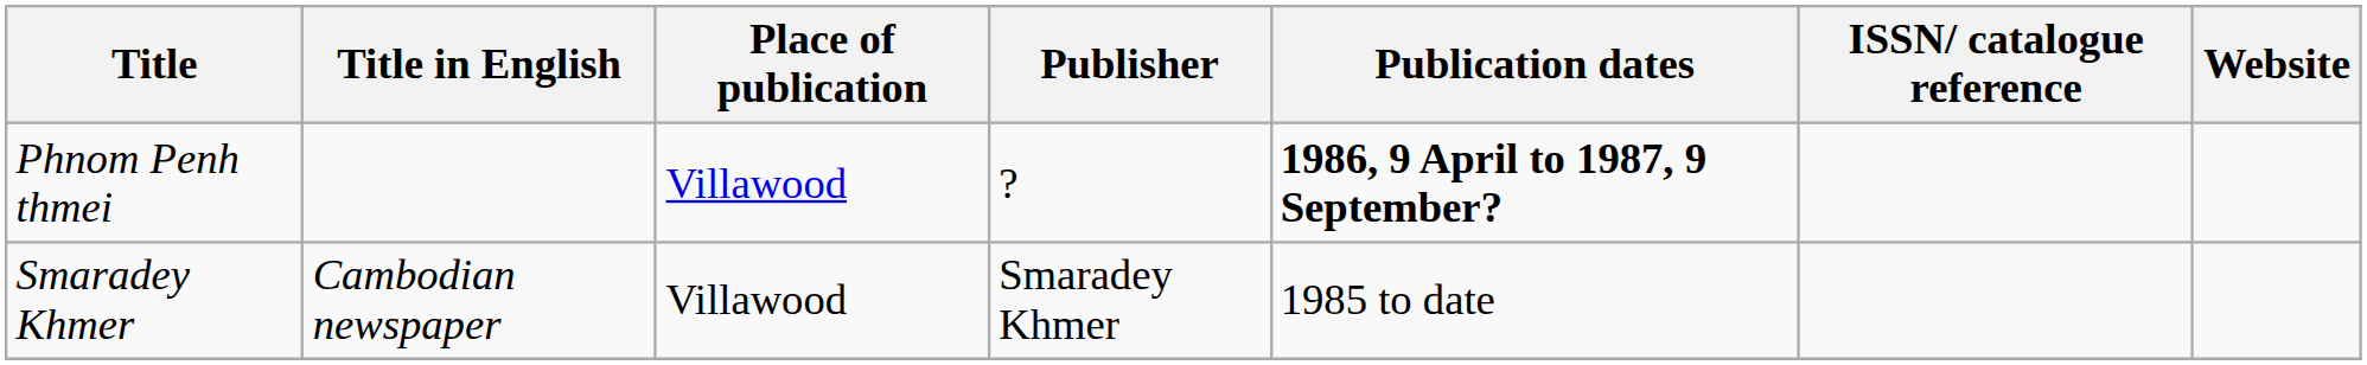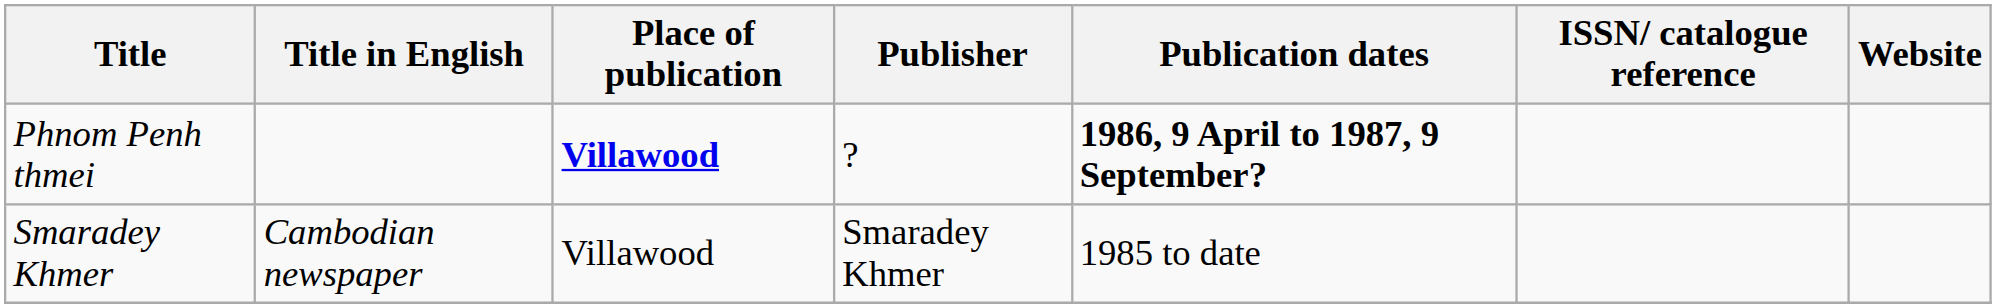 <table class="wikitable sortable">
 <tr>
 <th>Title</th>
 <th>Title in English</th>
 <th>Place of publication</th>
 <th>Publisher</th>
 <th>Publication dates</th>
 <th>ISSN/ catalogue reference</th>
 <th>Website</th>
 </tr>
 <tr>
 <td><em>Phnom Penh thmei</em></td>
 <td></td>
-<td><a href='#'>Villawood</a></td>
+<td><strong><a href='#'>Villawood</a></strong></td>
 <td>?</td>
 <td><strong>1986, 9 April to 1987, 9 September?</strong></td>
 <td></td>
 <td></td>
 </tr>
 <tr>
 <td><em>Smaradey Khmer</em></td>
 <td><em>Cambodian newspaper</em></td>
 <td>Villawood</td>
 <td>Smaradey Khmer</td>
 <td>1985 to date</td>
 <td></td>
 <td></td>
 </tr>
 <tr>
 </tr>
 </table>
